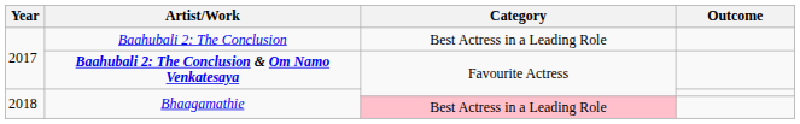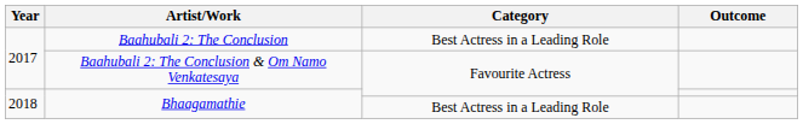 <table class="wikitable" style="width:70%;">
 <tr>
 <th width=5%>Year</th>
 <th style="width:40%;">Artist/Work</th>
 <th style="width:40%;">Category</th>
 <th>Outcome</th>
 </tr>
 <tr>
 <td rowspan="2">2017</td>
 <td style="text-align:center;"><em><a href='#'>Baahubali 2: The Conclusion</a></em></td>
 <td style="text-align:center;">Best Actress in a Leading Role</td>
 <td></td>
 </tr>
 <tr>
-<td style="text-align:center;"><strong><em><a href='#'>Baahubali 2: The Conclusion</a></em> <em>& <a href='#'>Om Namo Venkatesaya</a></em></strong></td>
+<td style="text-align:center;"><em><a href='#'>Baahubali 2: The Conclusion</a></em> <em>& <a href='#'>Om Namo Venkatesaya</a></em></td>
 <td rowspan="2" style="text-align:center;">Favourite Actress</td>
 <td></td>
 </tr>
 <tr>
 <td rowspan="2">2018</td>
 <td rowspan="2" style="text-align:center;"><em><a href='#'>Bhaagamathie</a></em></td>
 <td></td>
 </tr>
 <tr>
-<td style="background: pink; text-align:center;">Best Actress in a Leading Role</td>
+<td style="text-align:center;">Best Actress in a Leading Role</td>
 <td></td>
 </tr>
 </table>
